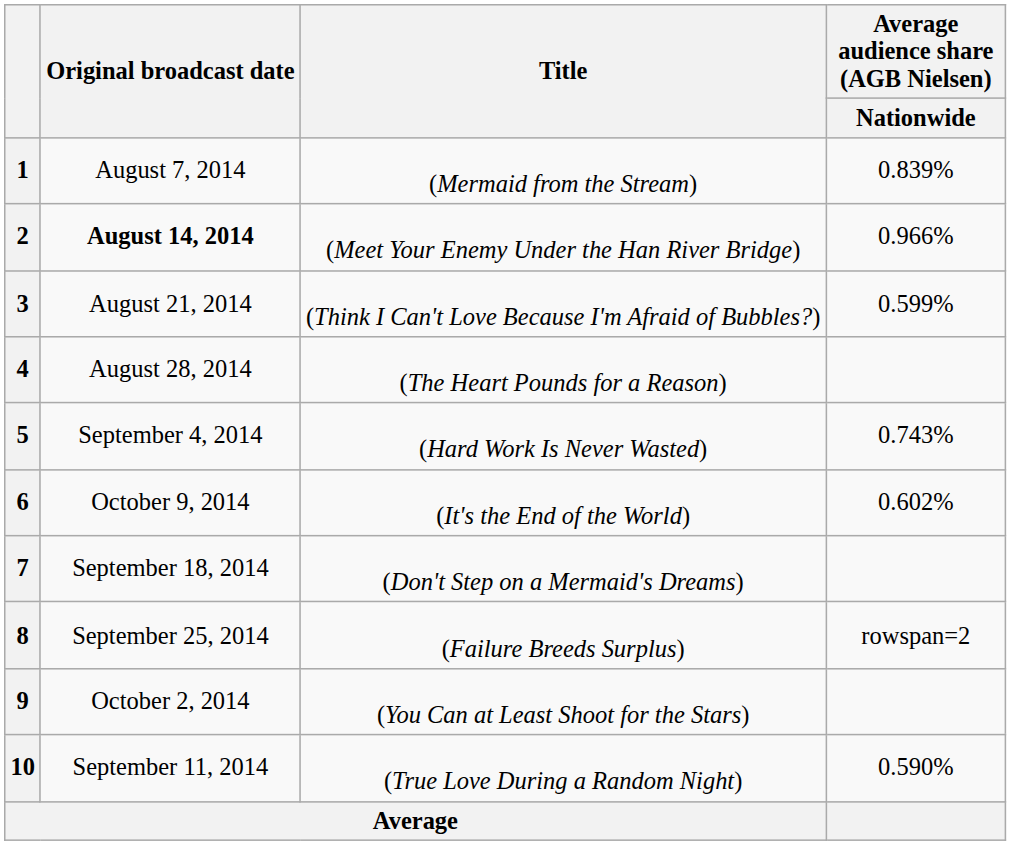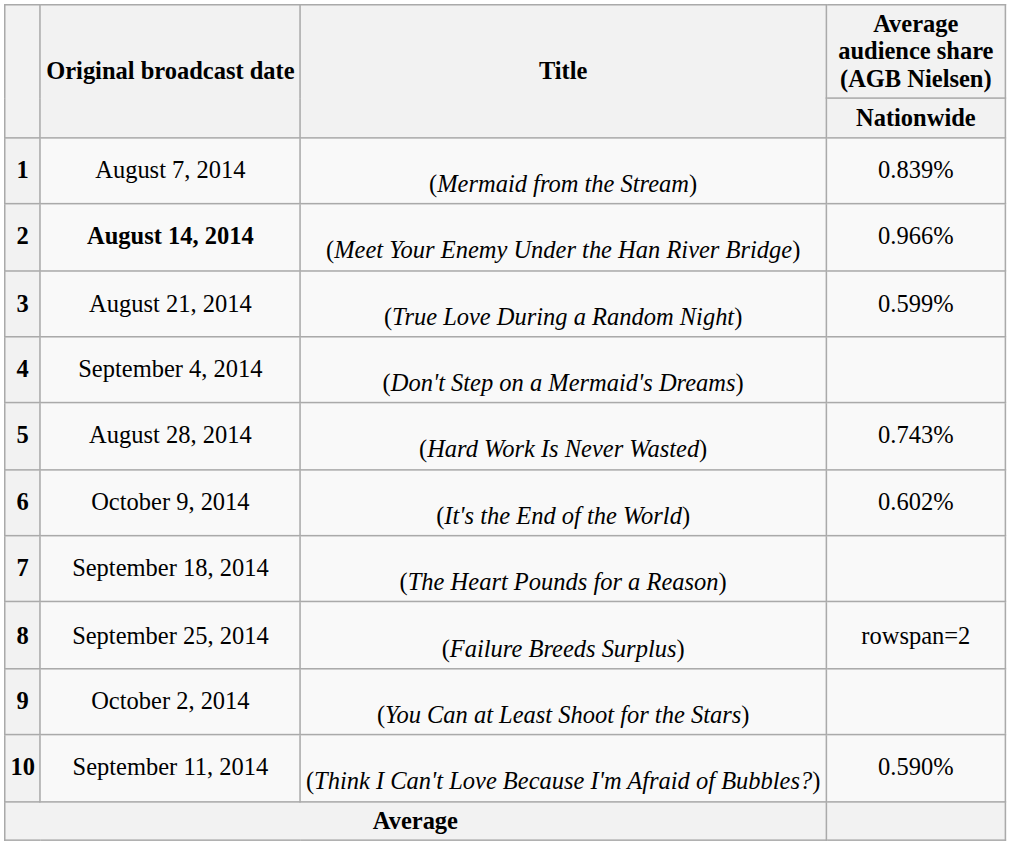 <table class=wikitable style="text-align:center">
 <tr>
 <th rowspan="2"></th>
 <th rowspan="2">Original broadcast date</th>
 <th rowspan="2">Title</th>
 <th colspan="1">Average audience share<br>(AGB Nielsen)</th>
 </tr>
 <tr>
 <th width="110">Nationwide</th>
 </tr>
 <tr>
 <th>1</th>
 <td>August 7, 2014</td>
 <td><br>(<em>Mermaid from the Stream</em>)</td>
 <td>0.839%</td>
 </tr>
 <tr>
 <th>2</th>
 <td><strong>August 14, 2014</strong></td>
 <td><br>(<em>Meet Your Enemy Under the Han River Bridge</em>)</td>
 <td>0.966%</td>
 </tr>
 <tr>
 <th>3</th>
 <td>August 21, 2014</td>
-<td><br>(<em>Think I Can't Love Because I'm Afraid of Bubbles?</em>)</td>
+<td><br>(<em>True Love During a Random Night</em>)</td>
 <td>0.599%</td>
 </tr>
 <tr>
 <th>4</th>
-<td>August 28, 2014</td>
-<td><br>(<em>The Heart Pounds for a Reason</em>)</td>
+<td>September 4, 2014</td>
+<td><br>(<em>Don't Step on a Mermaid's Dreams</em>)</td>
 <td></td>
 </tr>
 <tr>
 <th>5</th>
-<td>September 4, 2014</td>
+<td>August 28, 2014</td>
 <td><br>(<em>Hard Work Is Never Wasted</em>)</td>
 <td>0.743%</td>
 </tr>
 <tr>
 <th>6</th>
 <td>October 9, 2014</td>
 <td><br>(<em>It's the End of the World</em>)</td>
 <td>0.602%</td>
 </tr>
 <tr>
 <th>7</th>
 <td>September 18, 2014</td>
-<td><br>(<em>Don't Step on a Mermaid's Dreams</em>)</td>
+<td><br>(<em>The Heart Pounds for a Reason</em>)</td>
 <td></td>
 </tr>
 <tr>
 <th>8</th>
 <td>September 25, 2014</td>
 <td><br>(<em>Failure Breeds Surplus</em>)</td>
 <td>rowspan=2 </td>
 </tr>
 <tr>
 <th>9</th>
 <td>October 2, 2014</td>
 <td><br>(<em>You Can at Least Shoot for the Stars</em>)</td>
 </tr>
 <tr>
 <th>10</th>
 <td>September 11, 2014</td>
-<td><br>(<em>True Love During a Random Night</em>)</td>
+<td><br>(<em>Think I Can't Love Because I'm Afraid of Bubbles?</em>)</td>
 <td>0.590%</td>
 </tr>
 <tr>
 <th colspan="3">Average</th>
 <th></th>
 </tr>
 </table>
